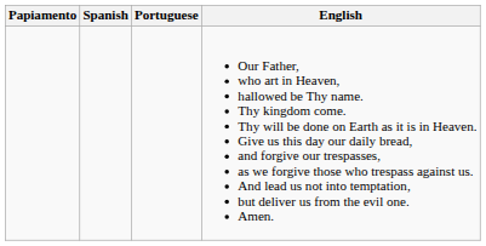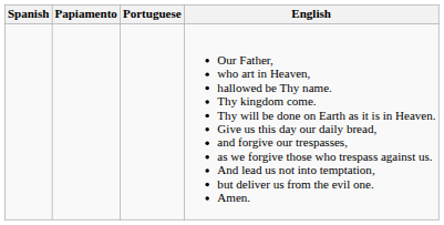 <table class="wikitable vatop">
 <tr>
+<th>Spanish</th>
 <th>Papiamento</th>
-<th>Spanish</th>
 <th>Portuguese</th>
 <th>English</th>
 </tr>
 <tr>
 <td><br> </td>
 <td><br> </td>
 <td><br> </td>
 <td><br><ul><li>Our Father,</li><li>who art in Heaven,</li><li>hallowed be Thy name.</li><li>Thy kingdom come.</li><li>Thy will be done on Earth as it is in Heaven.</li><li>Give us this day our daily bread,</li><li>and forgive our trespasses,</li><li>as we forgive those who trespass against us.</li><li>And lead us not into temptation,</li><li>but deliver us from the evil one.</li><li>Amen.</li></ul></td>
 </tr>
 </table>
